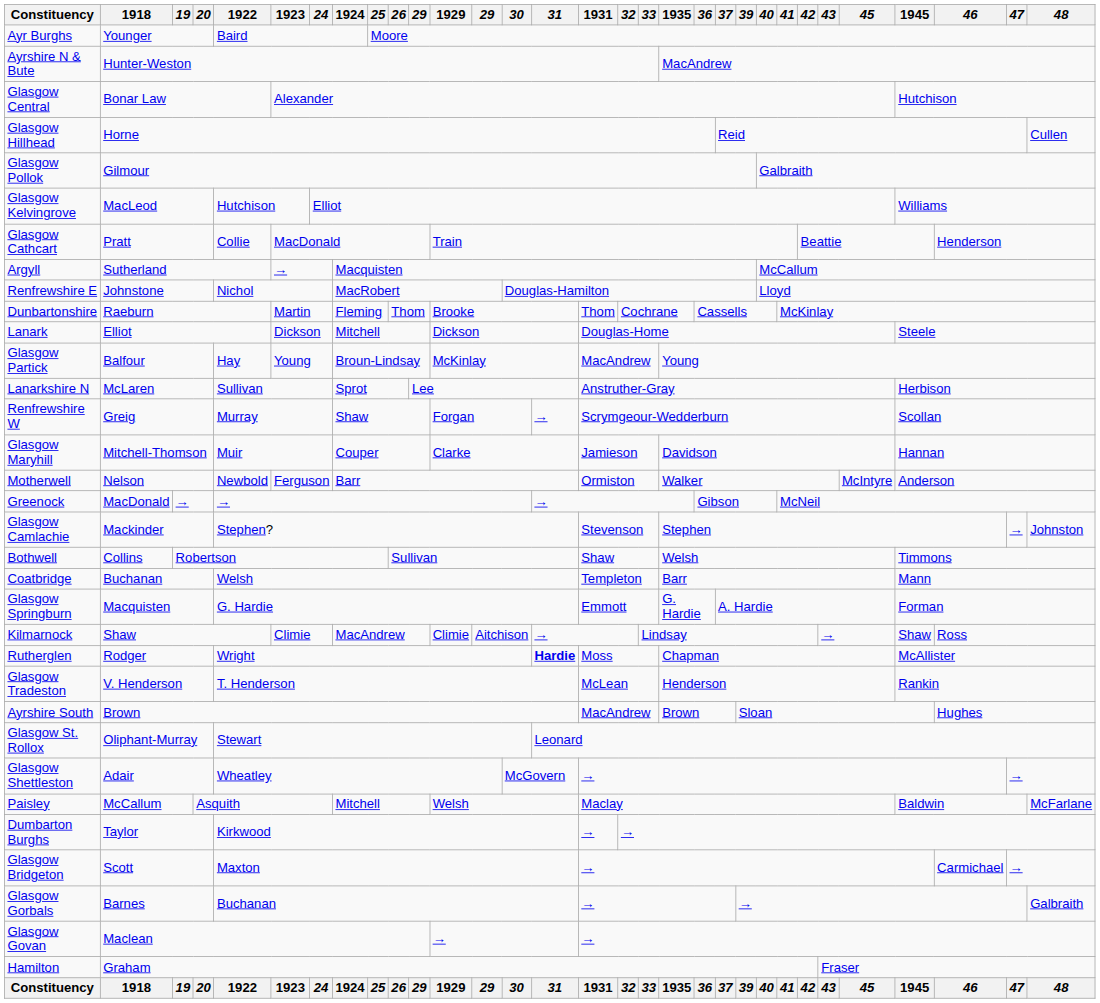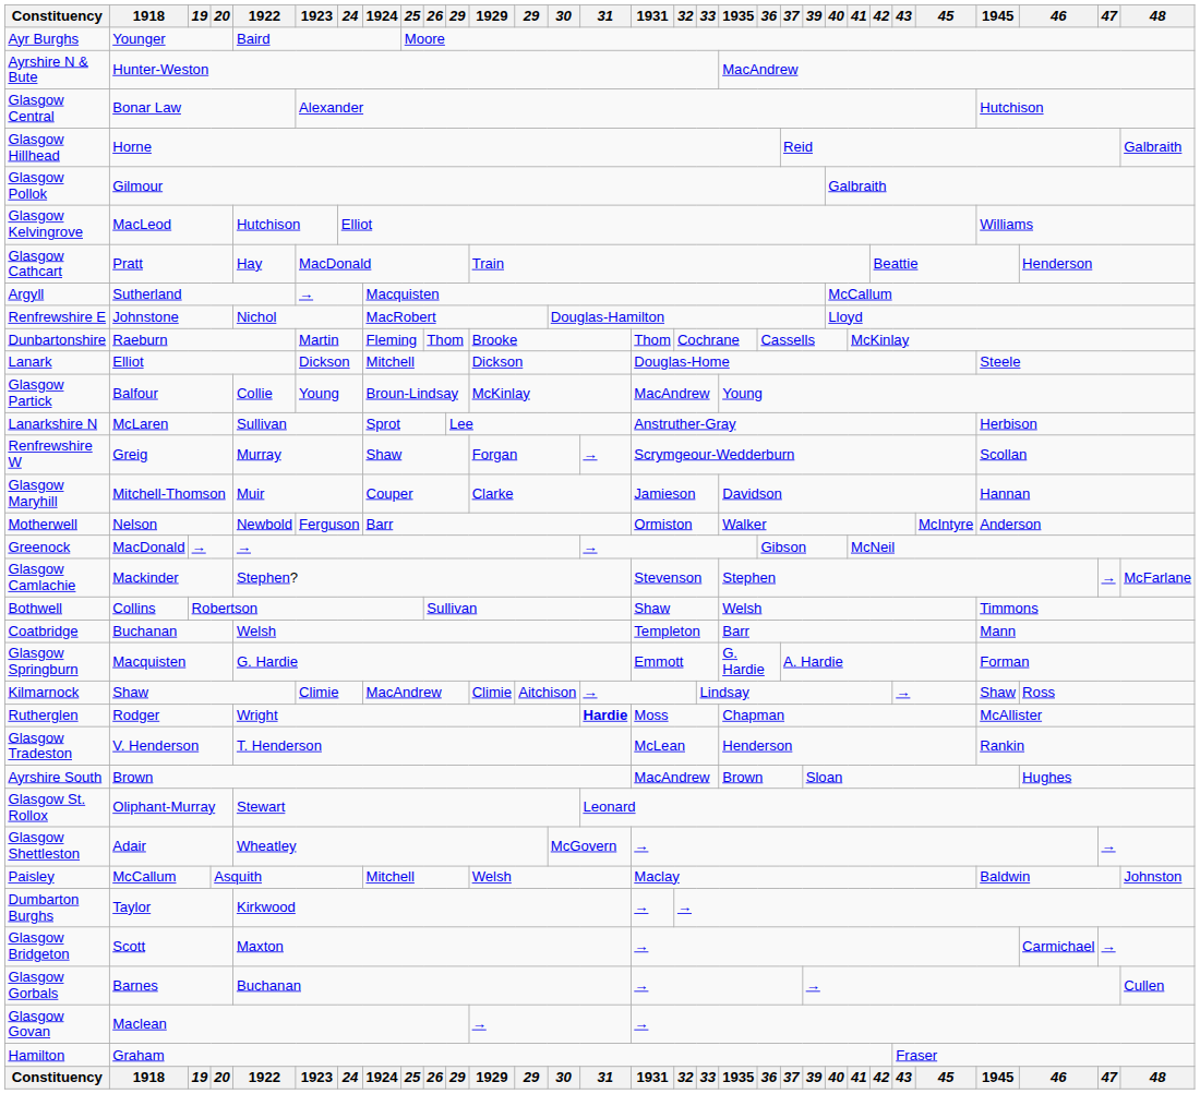 <table class="wikitable">
 <tr>
 <th>Constituency</th>
 <th>1918</th>
 <th><em>19</em></th>
 <th><em>20</em></th>
 <th>1922</th>
 <th>1923</th>
 <th><em>24</em></th>
 <th>1924</th>
 <th><em>25</em></th>
 <th><em>26</em></th>
 <th><em>29</em></th>
 <th>1929</th>
 <th><em>29</em></th>
 <th><em>30</em></th>
 <th><em>31</em></th>
 <th>1931</th>
 <th><em>32</em></th>
 <th><em>33</em></th>
 <th>1935</th>
 <th><em>36</em></th>
 <th><em>37</em></th>
 <th><em>39</em></th>
 <th><em>40</em></th>
 <th><em>41</em></th>
 <th><em>42</em></th>
 <th><em>43</em></th>
 <th><em>45</em></th>
 <th>1945</th>
 <th><em>46</em></th>
 <th><em>47</em></th>
 <th><em>48</em></th>
 </tr>
 <tr>
 <td><a href='#'>Ayr Burghs</a></td>
 <td colspan="3"><a href='#'>Younger</a></td>
 <td colspan="4"><a href='#'>Baird</a></td>
 <td colspan="23"><a href='#'>Moore</a></td>
 </tr>
 <tr>
 <td><a href='#'>Ayrshire N & Bute</a></td>
 <td colspan="17"><a href='#'>Hunter-Weston</a></td>
 <td colspan="13"><a href='#'>MacAndrew</a></td>
 </tr>
 <tr>
 <td><a href='#'>Glasgow Central</a></td>
 <td colspan="4"><a href='#'>Bonar Law</a></td>
 <td colspan="22"><a href='#'>Alexander</a></td>
 <td colspan="4"><a href='#'>Hutchison</a></td>
 </tr>
 <tr>
 <td><a href='#'>Glasgow Hillhead</a></td>
 <td colspan="19"><a href='#'>Horne</a></td>
 <td colspan="10"><a href='#'>Reid</a></td>
-<td><a href='#'>Cullen</a></td>
+<td><a href='#'>Galbraith</a></td>
 </tr>
 <tr>
 <td><a href='#'>Glasgow Pollok</a></td>
 <td colspan="21"><a href='#'>Gilmour</a></td>
 <td colspan="9"><a href='#'>Galbraith</a></td>
 </tr>
 <tr>
 <td><a href='#'>Glasgow Kelvingrove</a></td>
 <td colspan="3"><a href='#'>MacLeod</a></td>
 <td colspan="2"><a href='#'>Hutchison</a></td>
 <td colspan="21"><a href='#'>Elliot</a></td>
 <td colspan="4"><a href='#'>Williams</a></td>
 </tr>
 <tr>
 <td><a href='#'>Glasgow Cathcart</a></td>
 <td colspan="3"><a href='#'>Pratt</a></td>
-<td><a href='#'>Collie</a></td>
+<td><a href='#'>Hay</a></td>
 <td colspan="6"><a href='#'>MacDonald</a></td>
 <td colspan="13"><a href='#'>Train</a></td>
 <td colspan="4"><a href='#'>Beattie</a></td>
 <td colspan="3"><a href='#'>Henderson</a></td>
 </tr>
 <tr>
 <td><a href='#'>Argyll</a></td>
 <td colspan="4"><a href='#'>Sutherland</a></td>
 <td colspan="2"><a href='#'>→</a></td>
 <td colspan="15"><a href='#'>Macquisten</a></td>
 <td colspan="9"><a href='#'>McCallum</a></td>
 </tr>
 <tr>
 <td><a href='#'>Renfrewshire E</a></td>
 <td colspan="3"><a href='#'>Johnstone</a></td>
 <td colspan="3"><a href='#'>Nichol</a></td>
 <td colspan="6"><a href='#'>MacRobert</a></td>
 <td colspan="9"><a href='#'>Douglas-Hamilton</a></td>
 <td colspan="9"><a href='#'>Lloyd</a></td>
 </tr>
 <tr>
 <td><a href='#'>Dunbartonshire</a></td>
 <td colspan="4"><a href='#'>Raeburn</a></td>
 <td colspan="2"><a href='#'>Martin</a></td>
 <td colspan="2"><a href='#'>Fleming</a></td>
 <td colspan="2"><a href='#'>Thom</a></td>
 <td colspan="4"><a href='#'>Brooke</a></td>
 <td><a href='#'>Thom</a></td>
 <td colspan="3"><a href='#'>Cochrane</a></td>
 <td colspan="4"><a href='#'>Cassells</a></td>
 <td colspan="8"><a href='#'>McKinlay</a></td>
 </tr>
 <tr>
 <td><a href='#'>Lanark</a></td>
 <td colspan="4"><a href='#'>Elliot</a></td>
 <td colspan="2"><a href='#'>Dickson</a></td>
 <td colspan="4"><a href='#'>Mitchell</a></td>
 <td colspan="4"><a href='#'>Dickson</a></td>
 <td colspan="12"><a href='#'>Douglas-Home</a></td>
 <td colspan="4"><a href='#'>Steele</a></td>
 </tr>
 <tr>
 <td><a href='#'>Glasgow Partick</a></td>
 <td colspan="3"><a href='#'>Balfour</a></td>
-<td><a href='#'>Hay</a></td>
+<td><a href='#'>Collie</a></td>
 <td colspan="2"><a href='#'>Young</a></td>
 <td colspan="4"><a href='#'>Broun-Lindsay</a></td>
 <td colspan="4"><a href='#'>McKinlay</a></td>
 <td colspan="3"><a href='#'>MacAndrew</a></td>
 <td colspan="13"><a href='#'>Young</a></td>
 </tr>
 <tr>
 <td><a href='#'>Lanarkshire N</a></td>
 <td colspan="3"><a href='#'>McLaren</a></td>
 <td colspan="3"><a href='#'>Sullivan</a></td>
 <td colspan="3"><a href='#'>Sprot</a></td>
 <td colspan="5"><a href='#'>Lee</a></td>
 <td colspan="12"><a href='#'>Anstruther-Gray</a></td>
 <td colspan="4"><a href='#'>Herbison</a></td>
 </tr>
 <tr>
 <td><a href='#'>Renfrewshire W</a></td>
 <td colspan="3"><a href='#'>Greig</a></td>
 <td colspan="3"><a href='#'>Murray</a></td>
 <td colspan="4"><a href='#'>Shaw</a></td>
 <td colspan="3"><a href='#'>Forgan</a></td>
 <td><a href='#'>→</a></td>
 <td colspan="12"><a href='#'>Scrymgeour-Wedderburn</a></td>
 <td colspan="4"><a href='#'>Scollan</a></td>
 </tr>
 <tr>
 <td><a href='#'>Glasgow Maryhill</a></td>
 <td colspan="3"><a href='#'>Mitchell-Thomson</a></td>
 <td colspan="3"><a href='#'>Muir</a></td>
 <td colspan="4"><a href='#'>Couper</a></td>
 <td colspan="4"><a href='#'>Clarke</a></td>
 <td colspan="3"><a href='#'>Jamieson</a></td>
 <td colspan="9"><a href='#'>Davidson</a></td>
 <td colspan="4"><a href='#'>Hannan</a></td>
 </tr>
 <tr>
 <td><a href='#'>Motherwell</a></td>
 <td colspan="3"><a href='#'>Nelson</a></td>
 <td><a href='#'>Newbold</a></td>
 <td colspan="2"><a href='#'>Ferguson</a></td>
 <td colspan="8"><a href='#'>Barr</a></td>
 <td colspan="3"><a href='#'>Ormiston</a></td>
 <td colspan="8"><a href='#'>Walker</a></td>
 <td><a href='#'>McIntyre</a></td>
 <td colspan="4"><a href='#'>Anderson</a></td>
 </tr>
 <tr>
 <td><a href='#'>Greenock</a></td>
 <td><a href='#'>MacDonald</a></td>
 <td colspan="2"><a href='#'>→</a></td>
 <td colspan="10"><a href='#'>→</a></td>
 <td colspan="5"><a href='#'>→</a></td>
 <td colspan="4"><a href='#'>Gibson</a></td>
 <td colspan="8"><a href='#'>McNeil</a></td>
 </tr>
 <tr>
 <td><a href='#'>Glasgow Camlachie</a></td>
 <td colspan="3"><a href='#'>Mackinder</a></td>
 <td colspan="11"><a href='#'>Stephen</a>?</td>
 <td colspan="3"><a href='#'>Stevenson</a></td>
 <td colspan="11"><a href='#'>Stephen</a></td>
 <td><a href='#'>→</a></td>
-<td><a href='#'>Johnston</a></td>
+<td><a href='#'>McFarlane</a></td>
 </tr>
 <tr>
 <td><a href='#'>Bothwell</a></td>
 <td><a href='#'>Collins</a></td>
 <td colspan="7"><a href='#'>Robertson</a></td>
 <td colspan="6"><a href='#'>Sullivan</a></td>
 <td colspan="3"><a href='#'>Shaw</a></td>
 <td colspan="9"><a href='#'>Welsh</a></td>
 <td colspan="4"><a href='#'>Timmons</a></td>
 </tr>
 <tr>
 <td><a href='#'>Coatbridge</a></td>
 <td colspan="3"><a href='#'>Buchanan</a></td>
 <td colspan="11"><a href='#'>Welsh</a></td>
 <td colspan="3"><a href='#'>Templeton</a></td>
 <td colspan="9"><a href='#'>Barr</a></td>
 <td colspan="4"><a href='#'>Mann</a></td>
 </tr>
 <tr>
 <td><a href='#'>Glasgow Springburn</a></td>
 <td colspan="3"><a href='#'>Macquisten</a></td>
 <td colspan="11"><a href='#'>G. Hardie</a></td>
 <td colspan="3"><a href='#'>Emmott</a></td>
 <td colspan="2"><a href='#'>G. Hardie</a></td>
 <td colspan="7"><a href='#'>A. Hardie</a></td>
 <td colspan="4"><a href='#'>Forman</a></td>
 </tr>
 <tr>
 <td><a href='#'>Kilmarnock</a></td>
 <td colspan="4"><a href='#'>Shaw</a></td>
 <td colspan="2"><a href='#'>Climie</a></td>
 <td colspan="4"><a href='#'>MacAndrew</a></td>
 <td><a href='#'>Climie</a></td>
 <td colspan="2"><a href='#'>Aitchison</a></td>
 <td colspan="3"><a href='#'>→</a></td>
 <td colspan="8"><a href='#'>Lindsay</a></td>
 <td colspan="2"><a href='#'>→</a></td>
 <td><a href='#'>Shaw</a></td>
 <td colspan="3"><a href='#'>Ross</a></td>
 </tr>
 <tr>
 <td><a href='#'>Rutherglen</a></td>
 <td colspan="3"><a href='#'>Rodger</a></td>
 <td colspan="10"><a href='#'>Wright</a></td>
 <td><strong><a href='#'>Hardie</a></strong></td>
 <td colspan="3"><a href='#'>Moss</a></td>
 <td colspan="9"><a href='#'>Chapman</a></td>
 <td colspan="4"><a href='#'>McAllister</a></td>
 </tr>
 <tr>
 <td><a href='#'>Glasgow Tradeston</a></td>
 <td colspan="3"><a href='#'>V. Henderson</a></td>
 <td colspan="11"><a href='#'>T. Henderson</a></td>
 <td colspan="3"><a href='#'>McLean</a></td>
 <td colspan="9"><a href='#'>Henderson</a></td>
 <td colspan="4"><a href='#'>Rankin</a></td>
 </tr>
 <tr>
 <td><a href='#'>Ayrshire South</a></td>
 <td colspan="14"><a href='#'>Brown</a></td>
 <td colspan="3"><a href='#'>MacAndrew</a></td>
 <td colspan="3"><a href='#'>Brown</a></td>
 <td colspan="7"><a href='#'>Sloan</a></td>
 <td colspan="3"><a href='#'>Hughes</a></td>
 </tr>
 <tr>
 <td><a href='#'>Glasgow St. Rollox</a></td>
 <td colspan="3"><a href='#'>Oliphant-Murray</a></td>
 <td colspan="10"><a href='#'>Stewart</a></td>
 <td colspan="17"><a href='#'>Leonard</a></td>
 </tr>
 <tr>
 <td><a href='#'>Glasgow Shettleston</a></td>
 <td colspan="3"><a href='#'>Adair</a></td>
 <td colspan="9"><a href='#'>Wheatley</a></td>
 <td colspan="2"><a href='#'>McGovern</a></td>
 <td colspan="14"><a href='#'>→</a></td>
 <td colspan="2"><a href='#'>→</a></td>
 </tr>
 <tr>
 <td><a href='#'>Paisley</a></td>
 <td colspan="2"><a href='#'>McCallum</a></td>
 <td colspan="4"><a href='#'>Asquith</a></td>
 <td colspan="4"><a href='#'>Mitchell</a></td>
 <td colspan="4"><a href='#'>Welsh</a></td>
 <td colspan="12"><a href='#'>Maclay</a></td>
 <td colspan="3"><a href='#'>Baldwin</a></td>
-<td><a href='#'>McFarlane</a></td>
+<td><a href='#'>Johnston</a></td>
 </tr>
 <tr>
 <td><a href='#'>Dumbarton Burghs</a></td>
 <td colspan="3"><a href='#'>Taylor</a></td>
 <td colspan="11"><a href='#'>Kirkwood</a></td>
 <td><a href='#'>→</a></td>
 <td colspan="15"><a href='#'>→</a></td>
 </tr>
 <tr>
 <td><a href='#'>Glasgow Bridgeton</a></td>
 <td colspan="3"><a href='#'>Scott</a></td>
 <td colspan="11"><a href='#'>Maxton</a></td>
 <td colspan="13"><a href='#'>→</a></td>
 <td><a href='#'>Carmichael</a></td>
 <td colspan="2"><a href='#'>→</a></td>
 </tr>
 <tr>
 <td><a href='#'>Glasgow Gorbals</a></td>
 <td colspan="3"><a href='#'>Barnes</a></td>
 <td colspan="11"><a href='#'>Buchanan</a></td>
 <td colspan="6"><a href='#'>→</a></td>
 <td colspan="9"><a href='#'>→</a></td>
-<td><a href='#'>Galbraith</a></td>
+<td><a href='#'>Cullen</a></td>
 </tr>
 <tr>
 <td><a href='#'>Glasgow Govan</a></td>
 <td colspan="10"><a href='#'>Maclean</a></td>
 <td colspan="4"><a href='#'>→</a></td>
 <td colspan="16"><a href='#'>→</a></td>
 </tr>
 <tr>
 <td><a href='#'>Hamilton</a></td>
 <td colspan="24"><a href='#'>Graham</a></td>
 <td colspan="6"><a href='#'>Fraser</a></td>
 </tr>
 <tr>
 <th>Constituency</th>
 <th>1918</th>
 <th><em>19</em></th>
 <th><em>20</em></th>
 <th>1922</th>
 <th>1923</th>
 <th><em>24</em></th>
 <th>1924</th>
 <th><em>25</em></th>
 <th><em>26</em></th>
 <th><em>29</em></th>
 <th>1929</th>
 <th><em>29</em></th>
 <th><em>30</em></th>
 <th><em>31</em></th>
 <th>1931</th>
 <th><em>32</em></th>
 <th><em>33</em></th>
 <th>1935</th>
 <th><em>36</em></th>
 <th><em>37</em></th>
 <th><em>39</em></th>
 <th><em>40</em></th>
 <th><em>41</em></th>
 <th><em>42</em></th>
 <th><em>43</em></th>
 <th><em>45</em></th>
 <th>1945</th>
 <th><em>46</em></th>
 <th><em>47</em></th>
 <th><em>48</em></th>
 </tr>
 </table>
